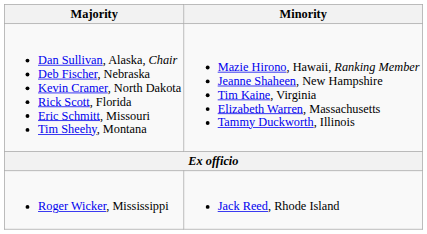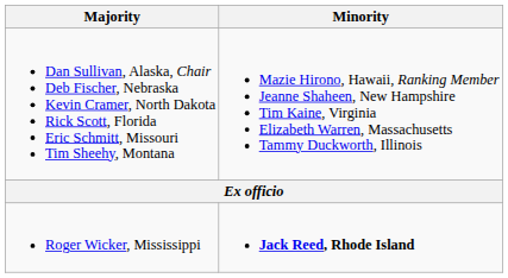 <table class=wikitable>
 <tr>
 <th>Majority</th>
 <th>Minority</th>
 </tr>
 <tr>
 <td><br><ul><li><a href='#'>Dan Sullivan</a>, Alaska, <em>Chair</em></li><li><a href='#'>Deb Fischer</a>, Nebraska</li><li><a href='#'>Kevin Cramer</a>, North Dakota</li><li><a href='#'>Rick Scott</a>, Florida</li><li><a href='#'>Eric Schmitt</a>, Missouri</li><li><a href='#'>Tim Sheehy</a>, Montana</li></ul></td>
 <td><br><ul><li><a href='#'>Mazie Hirono</a>, Hawaii, <em>Ranking Member</em></li><li><a href='#'>Jeanne Shaheen</a>, New Hampshire</li><li><a href='#'>Tim Kaine</a>, Virginia</li><li><a href='#'>Elizabeth Warren</a>, Massachusetts</li><li><a href='#'>Tammy Duckworth</a>, Illinois</li></ul></td>
 </tr>
 <tr>
 <th colspan=2><em>Ex officio</em></th>
 </tr>
 <tr>
 <td><br><ul><li><a href='#'>Roger Wicker</a>, Mississippi</li></ul></td>
-<td><br><ul><li><a href='#'>Jack Reed</a>, Rhode Island</li></ul></td>
+<td><strong><br><ul><li><a href='#'>Jack Reed</a>, Rhode Island</li></ul></strong></td>
 </tr>
 </table>
